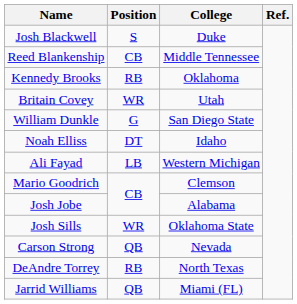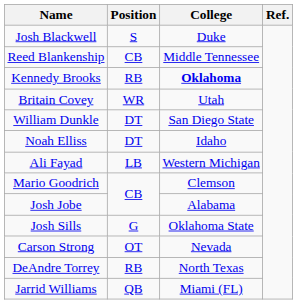 <table class="wikitable" style="text-align:center">
 <tr>
 <th>Name</th>
 <th>Position</th>
 <th>College</th>
 <th>Ref.</th>
 </tr>
 <tr>
 <td><a href='#'>Josh Blackwell</a></td>
 <td><a href='#'>S</a></td>
 <td><a href='#'>Duke</a></td>
 <td rowspan = 13></td>
 </tr>
 <tr>
 <td><a href='#'>Reed Blankenship</a></td>
 <td><a href='#'>CB</a></td>
 <td><a href='#'>Middle Tennessee</a></td>
 </tr>
 <tr>
 <td><a href='#'>Kennedy Brooks</a></td>
 <td><a href='#'>RB</a></td>
-<td><a href='#'>Oklahoma</a></td>
+<td><strong><a href='#'>Oklahoma</a></strong></td>
 </tr>
 <tr>
 <td><a href='#'>Britain Covey</a></td>
 <td><a href='#'>WR</a></td>
 <td><a href='#'>Utah</a></td>
 </tr>
 <tr>
 <td><a href='#'>William Dunkle</a></td>
-<td><a href='#'>G</a></td>
+<td><a href='#'>DT</a></td>
 <td><a href='#'>San Diego State</a></td>
 </tr>
 <tr>
 <td><a href='#'>Noah Elliss</a></td>
 <td><a href='#'>DT</a></td>
 <td><a href='#'>Idaho</a></td>
 </tr>
 <tr>
 <td><a href='#'>Ali Fayad</a></td>
 <td><a href='#'>LB</a></td>
 <td><a href='#'>Western Michigan</a></td>
 </tr>
 <tr>
 <td><a href='#'>Mario Goodrich</a></td>
 <td rowspan = 2><a href='#'>CB</a></td>
 <td><a href='#'>Clemson</a></td>
 </tr>
 <tr>
 <td><a href='#'>Josh Jobe</a></td>
 <td><a href='#'>Alabama</a></td>
 </tr>
 <tr>
 <td><a href='#'>Josh Sills</a></td>
-<td><a href='#'>WR</a></td>
+<td><a href='#'>G</a></td>
 <td><a href='#'>Oklahoma State</a></td>
 </tr>
 <tr>
 <td><a href='#'>Carson Strong</a></td>
-<td><a href='#'>QB</a></td>
+<td><a href='#'>OT</a></td>
 <td><a href='#'>Nevada</a></td>
 </tr>
 <tr>
 <td><a href='#'>DeAndre Torrey</a></td>
 <td><a href='#'>RB</a></td>
 <td><a href='#'>North Texas</a></td>
 </tr>
 <tr>
 <td><a href='#'>Jarrid Williams</a></td>
 <td><a href='#'>QB</a></td>
 <td><a href='#'>Miami (FL)</a></td>
 </tr>
 </table>
